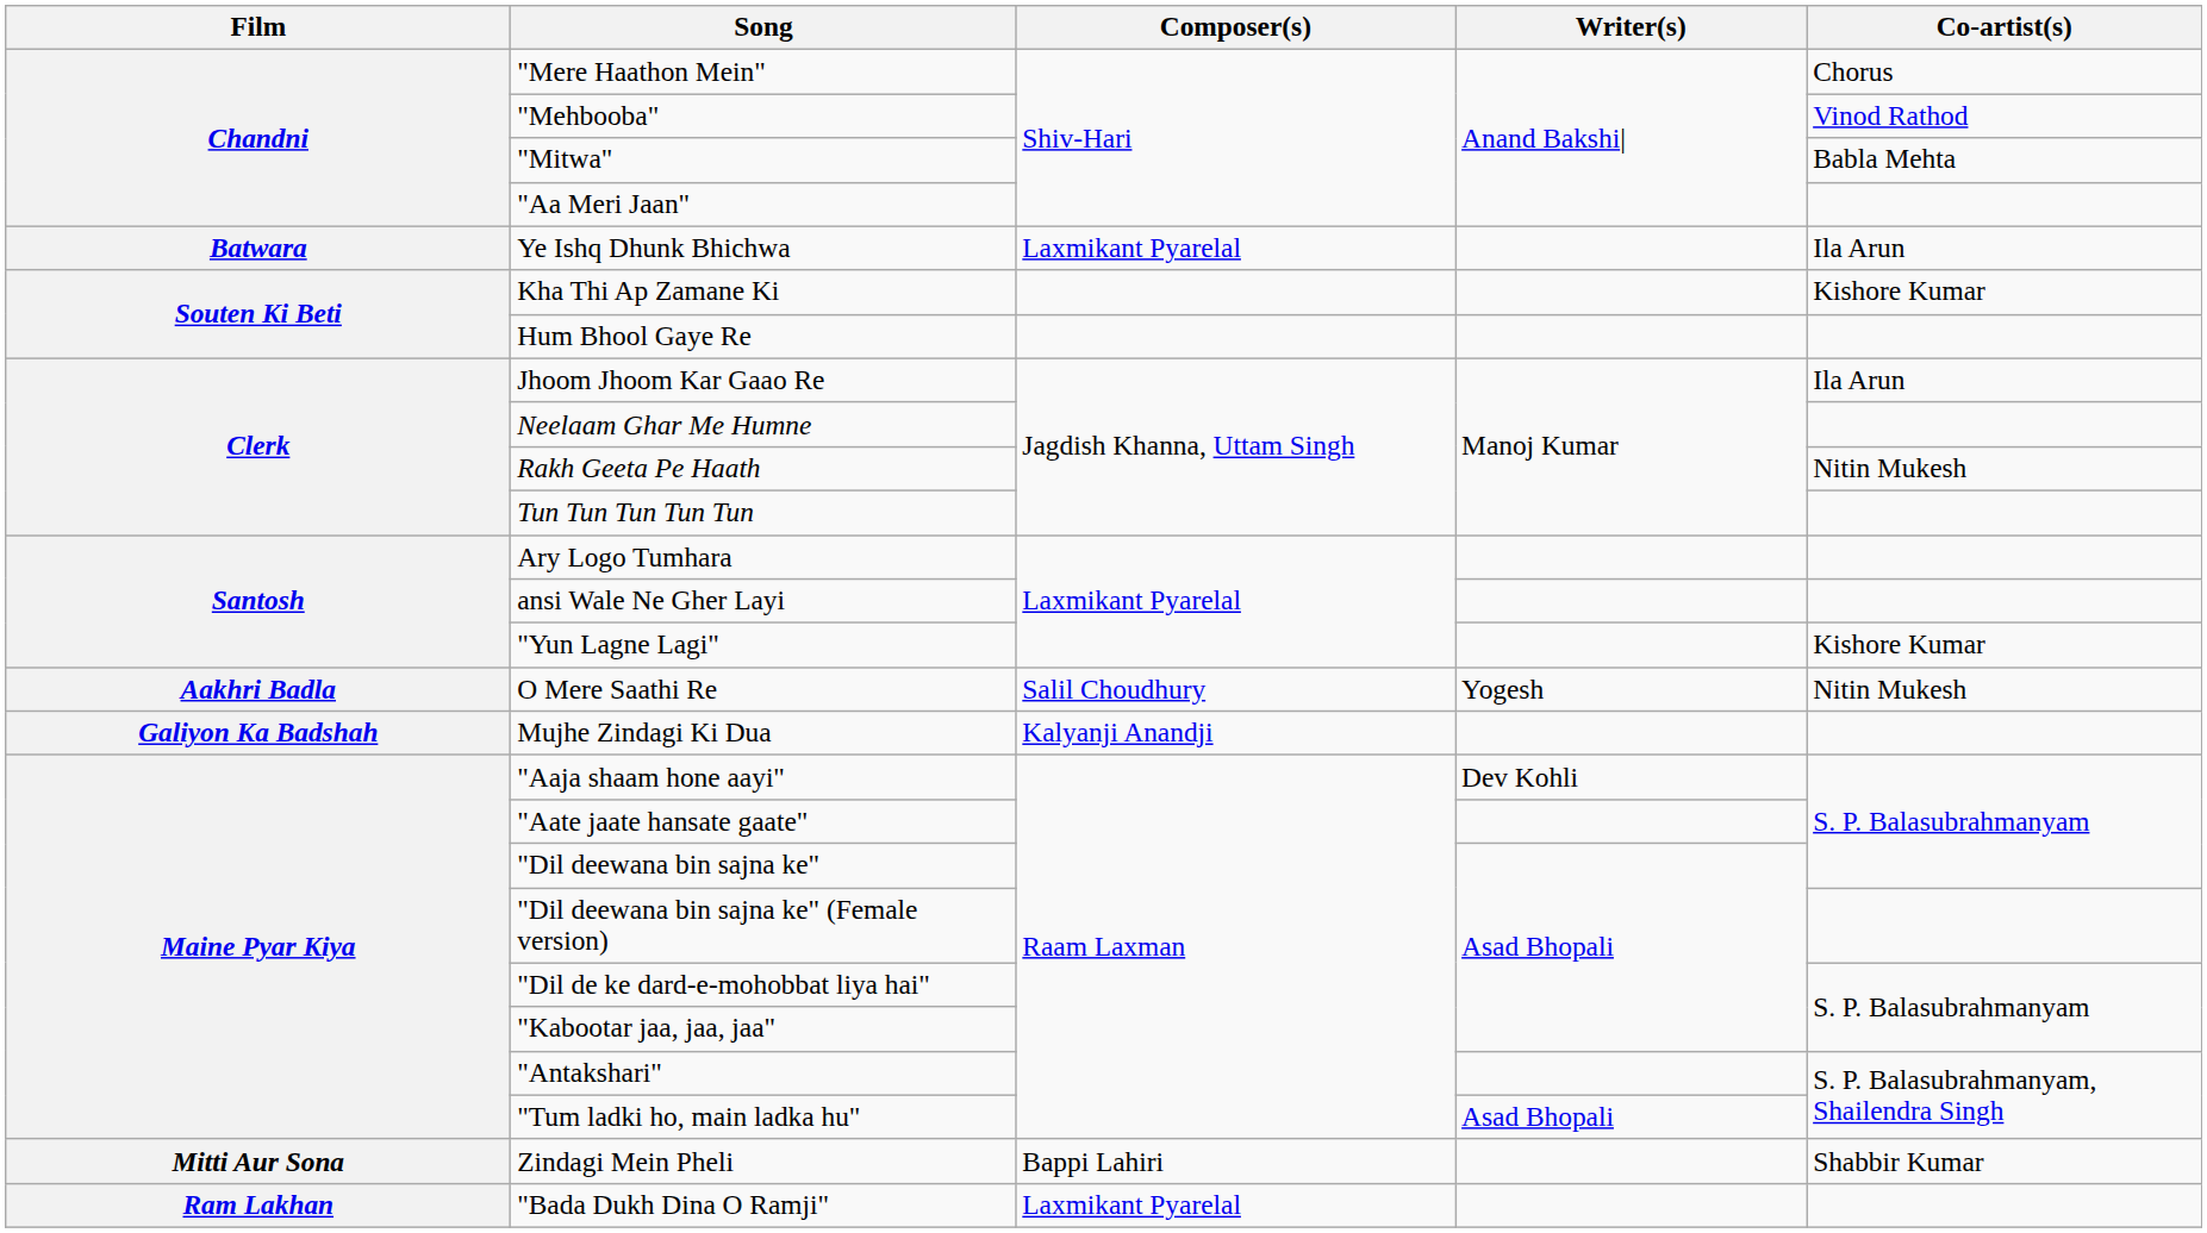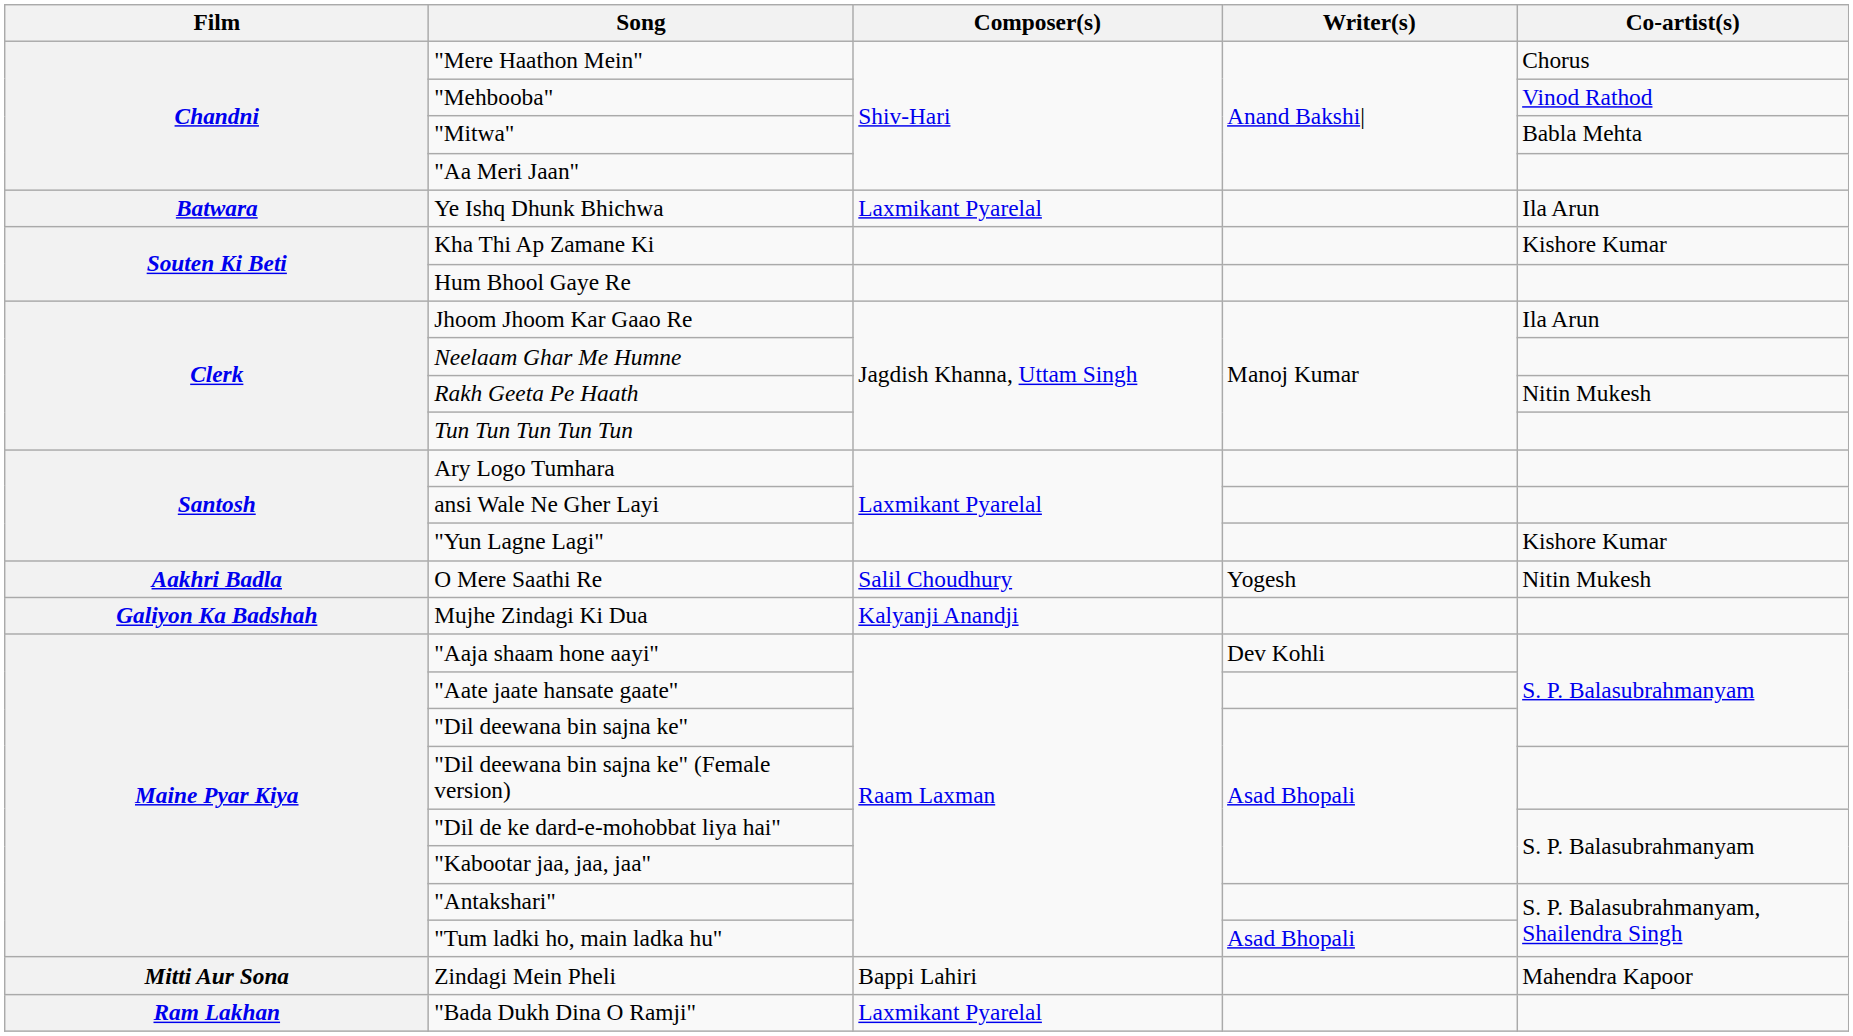 <table class="wikitable plainrowheaders" style="width:100%; textcolor:#000">
 <tr style="background:#b0e0e66;">
 <th scope="col" style="width:23%;"><strong>Film</strong></th>
 <th scope="col" style="width:23%;"><strong>Song</strong></th>
 <th scope="col" style="width:20%;"><strong>Composer(s)</strong></th>
 <th scope="col" style="width:16%;"><strong>Writer(s)</strong></th>
 <th scope="col" style="width:18%;"><strong>Co-artist(s)</strong></th>
 </tr>
 <tr>
 <th Rowspan=4><em><a href='#'>Chandni</a></em></th>
 <td>"Mere Haathon Mein"</td>
 <td rowspan=4><a href='#'>Shiv-Hari</a></td>
 <td rowspan=4><a href='#'>Anand Bakshi</a>|</td>
 <td>Chorus</td>
 </tr>
 <tr>
 <td>"Mehbooba"</td>
 <td><a href='#'>Vinod Rathod</a></td>
 </tr>
 <tr>
 <td>"Mitwa"</td>
 <td>Babla Mehta</td>
 </tr>
 <tr>
 <td>"Aa Meri Jaan"</td>
 <td></td>
 </tr>
 <tr>
 <th><em><a href='#'>Batwara</a></em></th>
 <td>Ye Ishq Dhunk Bhichwa</td>
 <td><a href='#'>Laxmikant Pyarelal</a></td>
 <td></td>
 <td>Ila Arun</td>
 </tr>
 <tr>
 <th Rowspan=2><em><a href='#'>Souten Ki Beti</a></em></th>
 <td>Kha Thi Ap Zamane Ki</td>
 <td></td>
 <td></td>
 <td>Kishore Kumar</td>
 </tr>
 <tr>
 <td>Hum Bhool Gaye Re</td>
 <td></td>
 <td></td>
 </tr>
 <tr>
 <th Rowspan=4><em><a href='#'>Clerk</a></em></th>
 <td>Jhoom Jhoom Kar Gaao Re</td>
 <td rowspan=4>Jagdish Khanna, <a href='#'>Uttam Singh</a></td>
 <td rowspan=4>Manoj Kumar</td>
 <td>Ila Arun</td>
 </tr>
 <tr>
 <td><em>Neelaam Ghar Me Humne</em></td>
 </tr>
 <tr>
 <td><em>Rakh Geeta Pe Haath</em></td>
 <td>Nitin Mukesh</td>
 </tr>
 <tr>
 <td><em>Tun Tun Tun Tun Tun</em></td>
 </tr>
 <tr>
 <th Rowspan=3><em><a href='#'>Santosh</a></em></th>
 <td>Ary Logo Tumhara</td>
 <td rowspan=3><a href='#'>Laxmikant Pyarelal</a></td>
 <td></td>
 <td></td>
 </tr>
 <tr>
 <td>ansi Wale Ne Gher Layi</td>
 <td></td>
 <td></td>
 </tr>
 <tr>
 <td>"Yun Lagne Lagi"</td>
 <td></td>
 <td>Kishore Kumar</td>
 </tr>
 <tr>
 <th><em><a href='#'>Aakhri Badla</a></em></th>
 <td>O Mere Saathi Re</td>
 <td><a href='#'>Salil Choudhury</a></td>
 <td>Yogesh</td>
 <td>Nitin Mukesh</td>
 </tr>
 <tr>
 <th><em><a href='#'>Galiyon Ka Badshah</a></em></th>
 <td>Mujhe Zindagi Ki Dua</td>
 <td><a href='#'>Kalyanji Anandji</a></td>
 <td></td>
 <td></td>
 </tr>
 <tr>
 <th rowspan=8><em><a href='#'>Maine Pyar Kiya</a></em></th>
 <td>"Aaja shaam hone aayi"</td>
 <td rowspan=8><a href='#'>Raam Laxman</a></td>
 <td rowspan=>Dev Kohli</td>
 <td rowspan=3><a href='#'>S. P. Balasubrahmanyam</a></td>
 </tr>
 <tr>
 <td>"Aate jaate hansate gaate"</td>
 </tr>
 <tr>
 <td>"Dil deewana bin sajna ke"</td>
 <td rowspan=4><a href='#'>Asad Bhopali</a></td>
 </tr>
 <tr>
 <td>"Dil deewana bin sajna ke" (Female version)</td>
 </tr>
 <tr>
 <td>"Dil de ke dard-e-mohobbat liya hai"</td>
 <td rowspan=2>S. P. Balasubrahmanyam</td>
 </tr>
 <tr>
 <td>"Kabootar jaa, jaa, jaa"</td>
 </tr>
 <tr>
 <td>"Antakshari"</td>
 <td></td>
 <td rowspan=2>S. P. Balasubrahmanyam, <a href='#'>Shailendra Singh</a></td>
 </tr>
 <tr>
 <td>"Tum ladki ho, main ladka hu"</td>
 <td><a href='#'>Asad Bhopali</a></td>
 </tr>
 <tr>
 <th><em>Mitti Aur Sona</em></th>
 <td>Zindagi Mein Pheli</td>
 <td>Bappi Lahiri</td>
 <td></td>
-<td>Shabbir Kumar</td>
+<td>Mahendra Kapoor</td>
 </tr>
 <tr>
 <th><em><a href='#'>Ram Lakhan</a></em></th>
 <td>"Bada Dukh Dina O Ramji"</td>
 <td><a href='#'>Laxmikant Pyarelal</a></td>
 <td></td>
 <td></td>
 </tr>
 </table>
